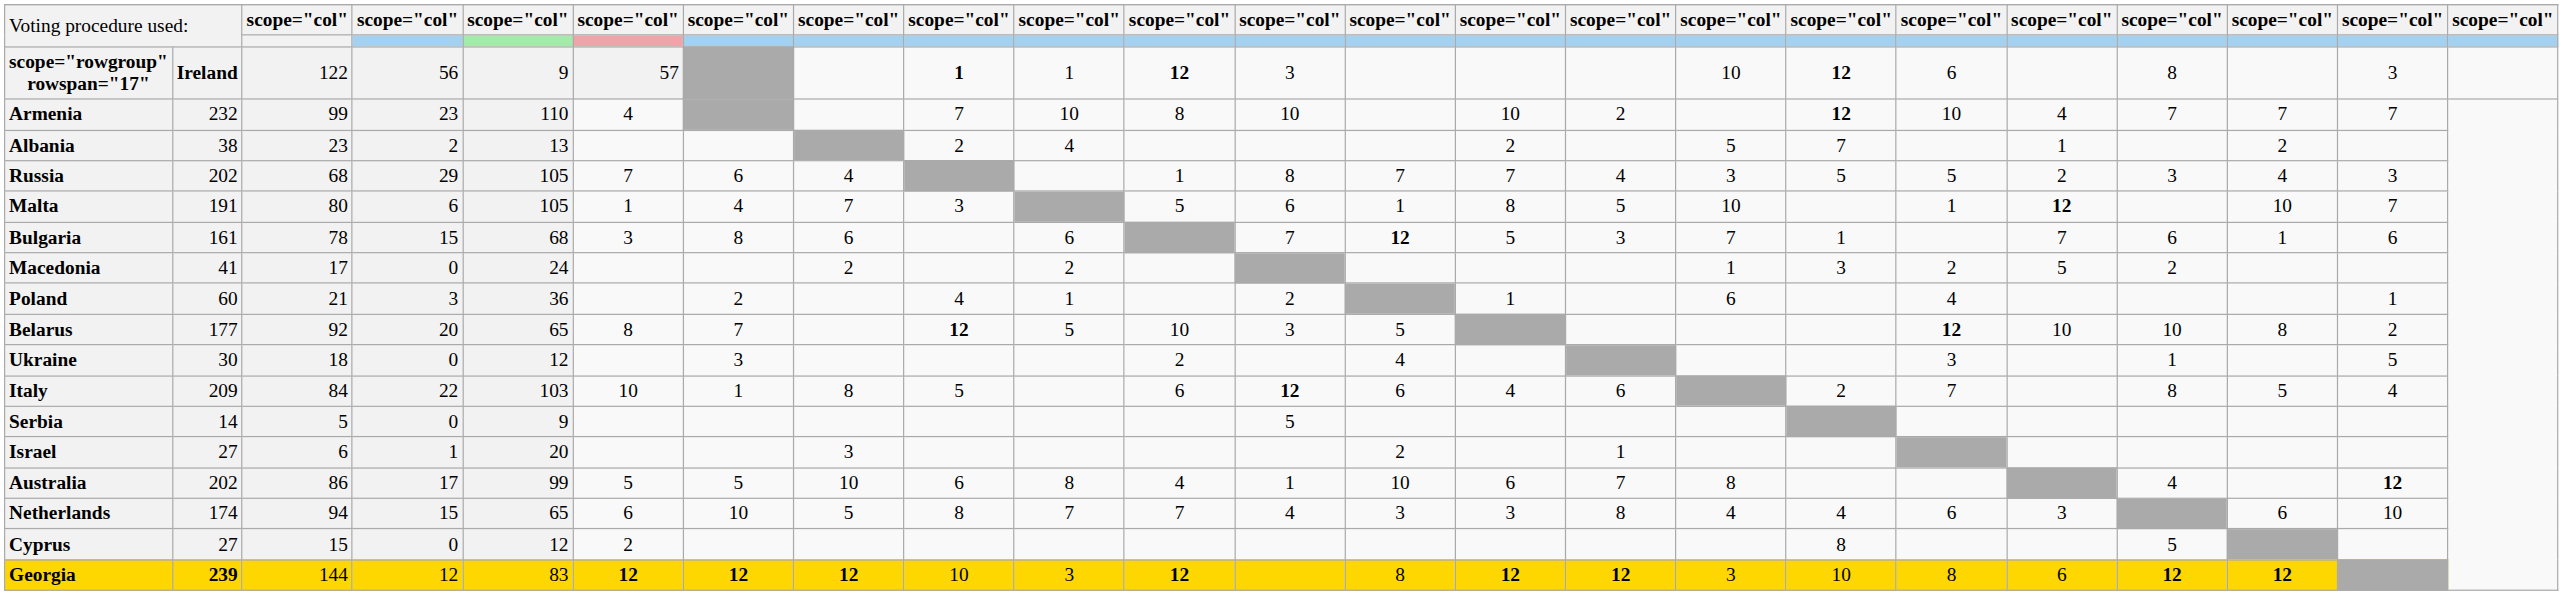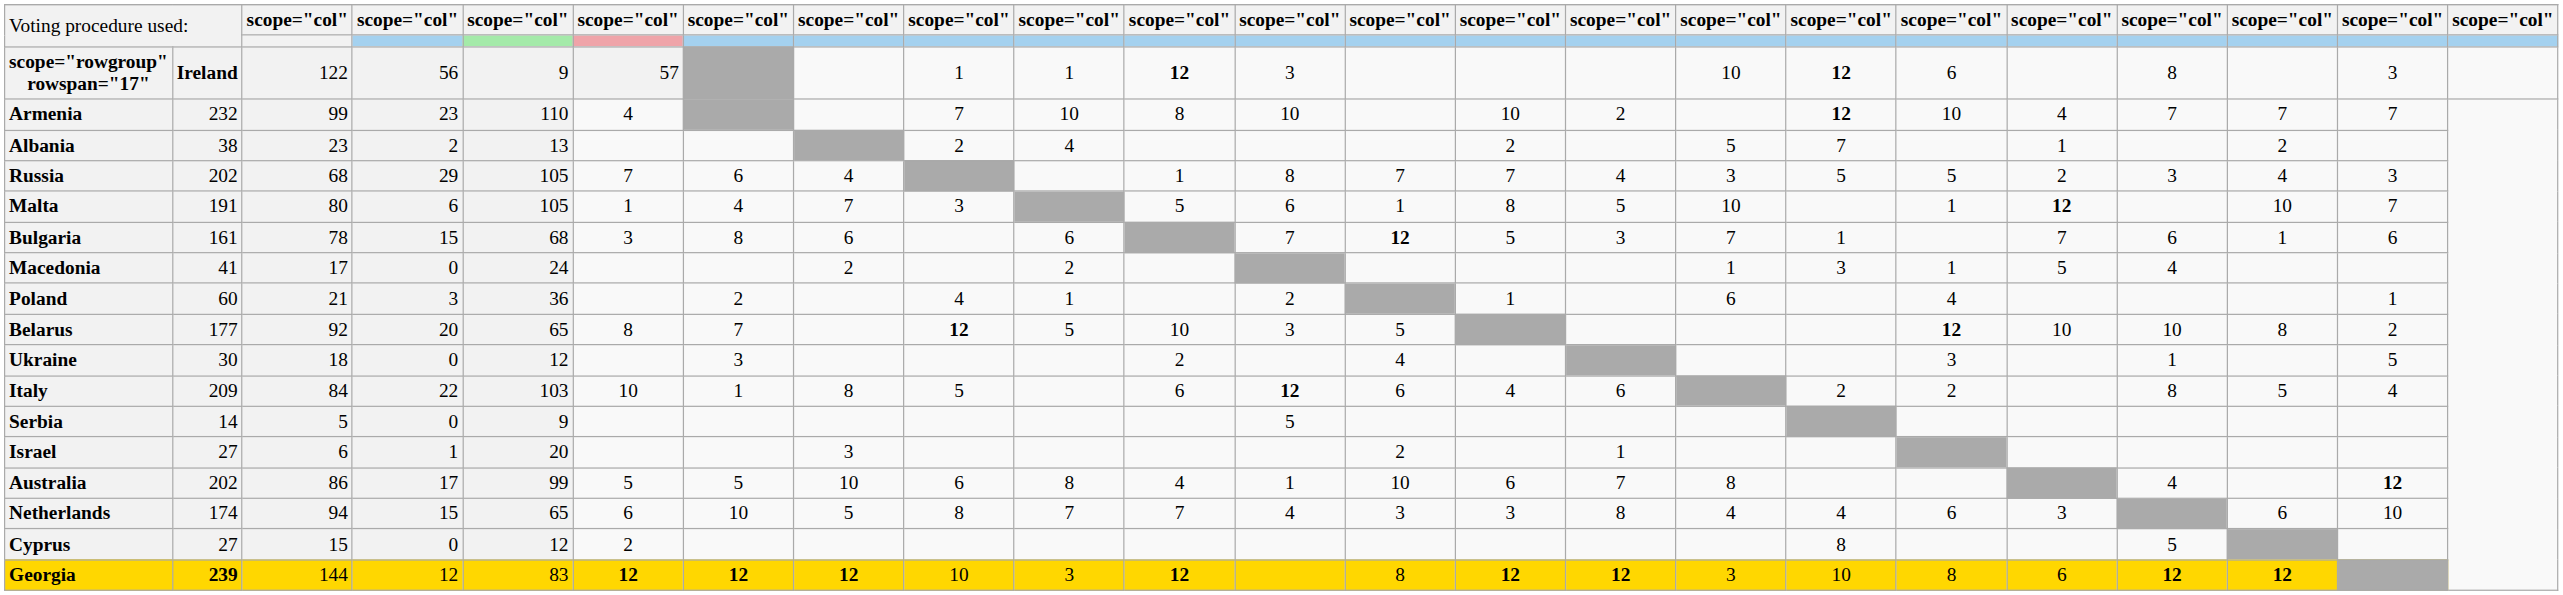 <table class="wikitable plainrowheaders" style="text-align:center;">
 <tr>
 </tr>
 <tr>
 <td colspan="2" rowspan="2" style="text-align:left; background:#F2F2F2">Voting procedure used:<br></td>
 <th>scope="col" </th>
 <th>scope="col" </th>
 <th>scope="col" </th>
 <th>scope="col" </th>
 <th>scope="col" </th>
 <th>scope="col" </th>
 <th>scope="col" </th>
 <th>scope="col" </th>
 <th>scope="col" </th>
 <th>scope="col" </th>
 <th>scope="col" </th>
 <th>scope="col" </th>
 <th>scope="col" </th>
 <th>scope="col" </th>
 <th>scope="col" </th>
 <th>scope="col" </th>
 <th>scope="col" </th>
 <th>scope="col" </th>
 <th>scope="col" </th>
 <th>scope="col" </th>
 <th>scope="col" </th>
 </tr>
 <tr>
 <th style="height:2px; border-top:1px solid transparent;"></th>
 <td style="background:#A4D1EF;"></td>
 <td style="background:#A4EAA9;"></td>
 <td style="background:#EFA4A9;"></td>
 <td style="background:#A4D1EF;"></td>
 <td style="background:#A4D1EF;"></td>
 <td style="background:#A4D1EF;"></td>
 <td style="background:#A4D1EF;"></td>
 <td style="background:#A4D1EF;"></td>
 <td style="background:#A4D1EF;"></td>
 <td style="background:#A4D1EF;"></td>
 <td style="background:#A4D1EF;"></td>
 <td style="background:#A4D1EF;"></td>
 <td style="background:#A4D1EF;"></td>
 <td style="background:#A4D1EF;"></td>
 <td style="background:#A4D1EF;"></td>
 <td style="background:#A4D1EF;"></td>
 <td style="background:#A4D1EF;"></td>
 <td style="background:#A4D1EF;"></td>
 <td style="background:#A4D1EF;"></td>
 <td style="background:#A4D1EF;"></td>
 </tr>
 <tr>
 <th>scope="rowgroup" rowspan="17" </th>
 <th scope="row" style="text-align:left; background:#f2f2f2;">Ireland</th>
 <td style="text-align:right; background:#f2f2f2;">122</td>
 <td style="text-align:right; background:#f2f2f2;">56</td>
 <td style="text-align:right; background:#f2f2f2;">9</td>
 <td style="text-align:right; background:#f2f2f2;">57</td>
 <td style="text-align:left; background:#aaa;"></td>
 <td></td>
-<td><strong>1</strong></td>
+<td>1</td>
 <td>1</td>
 <td><strong>12</strong></td>
 <td>3</td>
 <td></td>
 <td></td>
 <td></td>
 <td>10</td>
 <td><strong>12</strong></td>
 <td>6</td>
 <td></td>
 <td>8</td>
 <td></td>
 <td>3</td>
 <td></td>
 </tr>
 <tr>
 <th scope="row" style="text-align:left; background:#f2f2f2;">Armenia</th>
 <td style="text-align:right; background:#f2f2f2;">232</td>
 <td style="text-align:right; background:#f2f2f2;">99</td>
 <td style="text-align:right; background:#f2f2f2;">23</td>
 <td style="text-align:right; background:#f2f2f2;">110</td>
 <td>4</td>
 <td style="text-align:left; background:#aaa;"></td>
 <td></td>
 <td>7</td>
 <td>10</td>
 <td>8</td>
 <td>10</td>
 <td></td>
 <td>10</td>
 <td>2</td>
 <td></td>
 <td><strong>12</strong></td>
 <td>10</td>
 <td>4</td>
 <td>7</td>
 <td>7</td>
 <td>7</td>
 </tr>
 <tr>
 <th scope="row" style="text-align:left; background:#f2f2f2;">Albania</th>
 <td style="text-align:right; background:#f2f2f2;">38</td>
 <td style="text-align:right; background:#f2f2f2;">23</td>
 <td style="text-align:right; background:#f2f2f2;">2</td>
 <td style="text-align:right; background:#f2f2f2;">13</td>
 <td></td>
 <td></td>
 <td style="text-align:left; background:#aaa;"></td>
 <td>2</td>
 <td>4</td>
 <td></td>
 <td></td>
 <td></td>
 <td>2</td>
 <td></td>
 <td>5</td>
 <td>7</td>
 <td></td>
 <td>1</td>
 <td></td>
 <td>2</td>
 <td></td>
 </tr>
 <tr>
 <th scope="row" style="text-align:left; background:#f2f2f2;">Russia</th>
 <td style="text-align:right; background:#f2f2f2;">202</td>
 <td style="text-align:right; background:#f2f2f2;">68</td>
 <td style="text-align:right; background:#f2f2f2;">29</td>
 <td style="text-align:right; background:#f2f2f2;">105</td>
 <td>7</td>
 <td>6</td>
 <td>4</td>
 <td style="text-align:left; background:#aaa;"></td>
 <td></td>
 <td>1</td>
 <td>8</td>
 <td>7</td>
 <td>7</td>
 <td>4</td>
 <td>3</td>
 <td>5</td>
 <td>5</td>
 <td>2</td>
 <td>3</td>
 <td>4</td>
 <td>3</td>
 </tr>
 <tr>
 <th scope="row" style="text-align:left; background:#f2f2f2;">Malta</th>
 <td style="text-align:right; background:#f2f2f2;">191</td>
 <td style="text-align:right; background:#f2f2f2;">80</td>
 <td style="text-align:right; background:#f2f2f2;">6</td>
 <td style="text-align:right; background:#f2f2f2;">105</td>
 <td>1</td>
 <td>4</td>
 <td>7</td>
 <td>3</td>
 <td style="text-align:left; background:#aaa;"></td>
 <td>5</td>
 <td>6</td>
 <td>1</td>
 <td>8</td>
 <td>5</td>
 <td>10</td>
 <td></td>
 <td>1</td>
 <td><strong>12</strong></td>
 <td></td>
 <td>10</td>
 <td>7</td>
 </tr>
 <tr>
 <th scope="row" style="text-align:left; background:#f2f2f2;">Bulgaria</th>
 <td style="text-align:right; background:#f2f2f2;">161</td>
 <td style="text-align:right; background:#f2f2f2;">78</td>
 <td style="text-align:right; background:#f2f2f2;">15</td>
 <td style="text-align:right; background:#f2f2f2;">68</td>
 <td>3</td>
 <td>8</td>
 <td>6</td>
 <td></td>
 <td>6</td>
 <td style="text-align:left; background:#aaa;"></td>
 <td>7</td>
 <td><strong>12</strong></td>
 <td>5</td>
 <td>3</td>
 <td>7</td>
 <td>1</td>
 <td></td>
 <td>7</td>
 <td>6</td>
 <td>1</td>
 <td>6</td>
 </tr>
 <tr>
 <th scope="row" style="text-align:left; background:#f2f2f2;">Macedonia</th>
 <td style="text-align:right; background:#f2f2f2;">41</td>
 <td style="text-align:right; background:#f2f2f2;">17</td>
 <td style="text-align:right; background:#f2f2f2;">0</td>
 <td style="text-align:right; background:#f2f2f2;">24</td>
 <td></td>
 <td></td>
 <td>2</td>
 <td></td>
 <td>2</td>
 <td></td>
 <td style="text-align:left; background:#aaa;"></td>
 <td></td>
 <td></td>
 <td></td>
 <td>1</td>
 <td>3</td>
-<td>2</td>
+<td>1</td>
 <td>5</td>
-<td>2</td>
+<td>4</td>
 <td></td>
 <td></td>
 </tr>
 <tr>
 <th scope="row" style="text-align:left; background:#f2f2f2;">Poland</th>
 <td style="text-align:right; background:#f2f2f2;">60</td>
 <td style="text-align:right; background:#f2f2f2;">21</td>
 <td style="text-align:right; background:#f2f2f2;">3</td>
 <td style="text-align:right; background:#f2f2f2;">36</td>
 <td></td>
 <td>2</td>
 <td></td>
 <td>4</td>
 <td>1</td>
 <td></td>
 <td>2</td>
 <td style="text-align:left; background:#aaa;"></td>
 <td>1</td>
 <td></td>
 <td>6</td>
 <td></td>
 <td>4</td>
 <td></td>
 <td></td>
 <td></td>
 <td>1</td>
 </tr>
 <tr>
 <th scope="row" style="text-align:left; background:#f2f2f2;">Belarus</th>
 <td style="text-align:right; background:#f2f2f2;">177</td>
 <td style="text-align:right; background:#f2f2f2;">92</td>
 <td style="text-align:right; background:#f2f2f2;">20</td>
 <td style="text-align:right; background:#f2f2f2;">65</td>
 <td>8</td>
 <td>7</td>
 <td></td>
 <td><strong>12</strong></td>
 <td>5</td>
 <td>10</td>
 <td>3</td>
 <td>5</td>
 <td style="text-align:left; background:#aaa;"></td>
 <td></td>
 <td></td>
 <td></td>
 <td><strong>12</strong></td>
 <td>10</td>
 <td>10</td>
 <td>8</td>
 <td>2</td>
 </tr>
 <tr>
 <th scope="row" style="text-align:left; background:#f2f2f2;">Ukraine</th>
 <td style="text-align:right; background:#f2f2f2;">30</td>
 <td style="text-align:right; background:#f2f2f2;">18</td>
 <td style="text-align:right; background:#f2f2f2;">0</td>
 <td style="text-align:right; background:#f2f2f2;">12</td>
 <td></td>
 <td>3</td>
 <td></td>
 <td></td>
 <td></td>
 <td>2</td>
 <td></td>
 <td>4</td>
 <td></td>
 <td style="text-align:left; background:#aaa;"></td>
 <td></td>
 <td></td>
 <td>3</td>
 <td></td>
 <td>1</td>
 <td></td>
 <td>5</td>
 </tr>
 <tr>
 <th scope="row" style="text-align:left; background:#f2f2f2;">Italy</th>
 <td style="text-align:right; background:#f2f2f2;">209</td>
 <td style="text-align:right; background:#f2f2f2;">84</td>
 <td style="text-align:right; background:#f2f2f2;">22</td>
 <td style="text-align:right; background:#f2f2f2;">103</td>
 <td>10</td>
 <td>1</td>
 <td>8</td>
 <td>5</td>
 <td></td>
 <td>6</td>
 <td><strong>12</strong></td>
 <td>6</td>
 <td>4</td>
 <td>6</td>
 <td style="text-align:left; background:#aaa;"></td>
 <td>2</td>
-<td>7</td>
+<td>2</td>
 <td></td>
 <td>8</td>
 <td>5</td>
 <td>4</td>
 </tr>
 <tr>
 <th scope="row" style="text-align:left; background:#f2f2f2;">Serbia</th>
 <td style="text-align:right; background:#f2f2f2;">14</td>
 <td style="text-align:right; background:#f2f2f2;">5</td>
 <td style="text-align:right; background:#f2f2f2;">0</td>
 <td style="text-align:right; background:#f2f2f2;">9</td>
 <td></td>
 <td></td>
 <td></td>
 <td></td>
 <td></td>
 <td></td>
 <td>5</td>
 <td></td>
 <td></td>
 <td></td>
 <td></td>
 <td style="text-align:left; background:#aaa;"></td>
 <td></td>
 <td></td>
 <td></td>
 <td></td>
 <td></td>
 </tr>
 <tr>
 <th scope="row" style="text-align:left; background:#f2f2f2;">Israel</th>
 <td style="text-align:right; background:#f2f2f2;">27</td>
 <td style="text-align:right; background:#f2f2f2;">6</td>
 <td style="text-align:right; background:#f2f2f2;">1</td>
 <td style="text-align:right; background:#f2f2f2;">20</td>
 <td></td>
 <td></td>
 <td>3</td>
 <td></td>
 <td></td>
 <td></td>
 <td></td>
 <td>2</td>
 <td></td>
 <td>1</td>
 <td></td>
 <td></td>
 <td style="text-align:left; background:#aaa;"></td>
 <td></td>
 <td></td>
 <td></td>
 <td></td>
 </tr>
 <tr>
 <th scope="row" style="text-align:left; background:#f2f2f2;">Australia</th>
 <td style="text-align:right; background:#f2f2f2;">202</td>
 <td style="text-align:right; background:#f2f2f2;">86</td>
 <td style="text-align:right; background:#f2f2f2;">17</td>
 <td style="text-align:right; background:#f2f2f2;">99</td>
 <td>5</td>
 <td>5</td>
 <td>10</td>
 <td>6</td>
 <td>8</td>
 <td>4</td>
 <td>1</td>
 <td>10</td>
 <td>6</td>
 <td>7</td>
 <td>8</td>
 <td></td>
 <td></td>
 <td style="text-align:left; background:#aaa;"></td>
 <td>4</td>
 <td></td>
 <td><strong>12</strong></td>
 </tr>
 <tr>
 <th scope="row" style="text-align:left; background:#f2f2f2;">Netherlands</th>
 <td style="text-align:right; background:#f2f2f2;">174</td>
 <td style="text-align:right; background:#f2f2f2;">94</td>
 <td style="text-align:right; background:#f2f2f2;">15</td>
 <td style="text-align:right; background:#f2f2f2;">65</td>
 <td>6</td>
 <td>10</td>
 <td>5</td>
 <td>8</td>
 <td>7</td>
 <td>7</td>
 <td>4</td>
 <td>3</td>
 <td>3</td>
 <td>8</td>
 <td>4</td>
 <td>4</td>
 <td>6</td>
 <td>3</td>
 <td style="text-align:left; background:#aaa;"></td>
 <td>6</td>
 <td>10</td>
 </tr>
 <tr>
 <th scope="row" style="text-align:left; background:#f2f2f2;">Cyprus</th>
 <td style="text-align:right; background:#f2f2f2;">27</td>
 <td style="text-align:right; background:#f2f2f2;">15</td>
 <td style="text-align:right; background:#f2f2f2;">0</td>
 <td style="text-align:right; background:#f2f2f2;">12</td>
 <td>2</td>
 <td></td>
 <td></td>
 <td></td>
 <td></td>
 <td></td>
 <td></td>
 <td></td>
 <td></td>
 <td></td>
 <td></td>
 <td>8</td>
 <td></td>
 <td></td>
 <td>5</td>
 <td style="text-align:left; background:#aaa;"></td>
 <td></td>
 </tr>
 <tr style="background:gold;">
 <th scope="row" style="text-align:left; font-weight:bold; background:gold;">Georgia</th>
 <td style="text-align:right; font-weight:bold;">239</td>
 <td style="text-align:right;">144</td>
 <td style="text-align:right;">12</td>
 <td style="text-align:right;">83</td>
 <td><strong>12</strong></td>
 <td><strong>12</strong></td>
 <td><strong>12</strong></td>
 <td>10</td>
 <td>3</td>
 <td><strong>12</strong></td>
 <td></td>
 <td>8</td>
 <td><strong>12</strong></td>
 <td><strong>12</strong></td>
 <td>3</td>
 <td>10</td>
 <td>8</td>
 <td>6</td>
 <td><strong>12</strong></td>
 <td><strong>12</strong></td>
 <td style="text-align:left; background:#aaa;"></td>
 </tr>
 </table>
